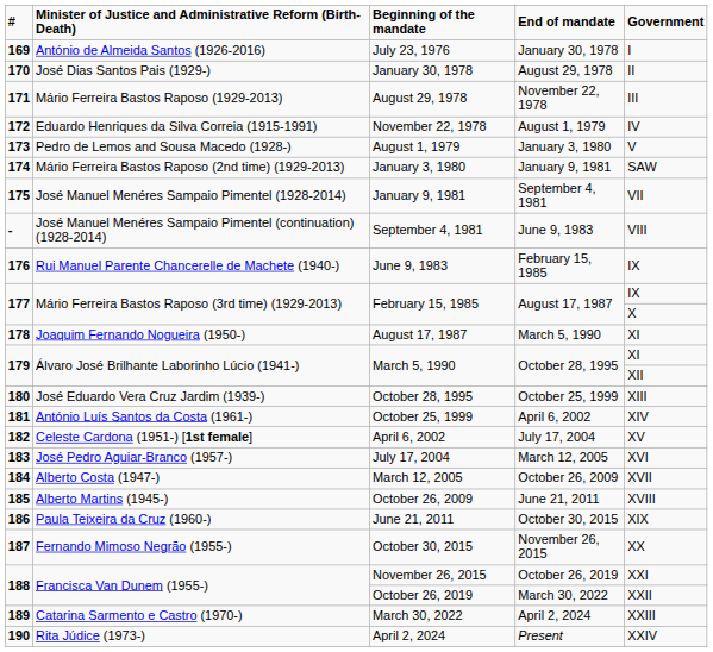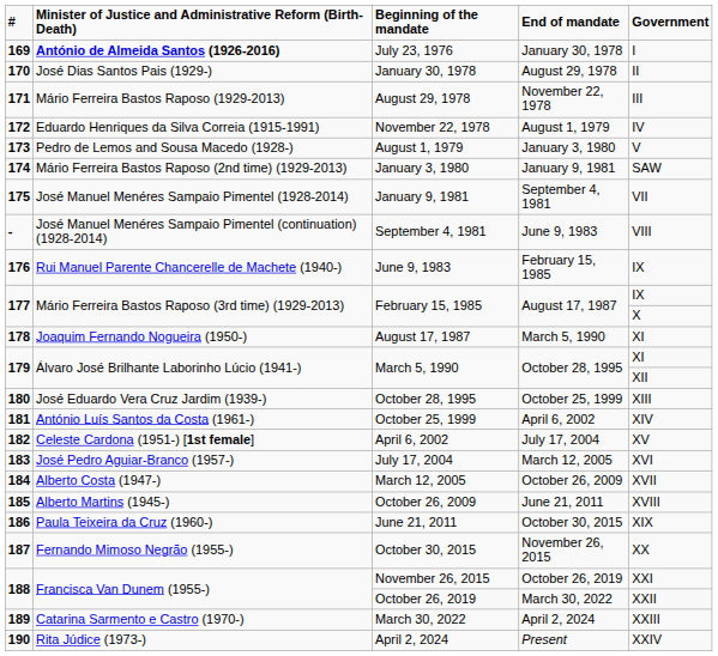 <table class="wikitable">
 <tr>
 <td><strong>#</strong></td>
 <td><strong>Minister of Justice and Administrative Reform (Birth-Death)</strong></td>
 <td colspan="2"><strong>Beginning of the mandate</strong></td>
 <td><strong>End of mandate</strong></td>
 <td><strong>Government</strong></td>
 </tr>
 <tr>
 <td><strong>169</strong></td>
-<td><a href='#'>António de Almeida Santos</a> (1926-2016)</td>
+<td><strong><a href='#'>António de Almeida Santos</a> (1926-2016)</strong></td>
 <td colspan="2">July 23, 1976</td>
 <td>January 30, 1978</td>
 <td>I</td>
 </tr>
 <tr>
 <td><strong>170</strong></td>
 <td>José Dias Santos Pais (1929-)</td>
 <td colspan="2">January 30, 1978</td>
 <td>August 29, 1978</td>
 <td>II</td>
 </tr>
 <tr>
 <td><strong>171</strong></td>
 <td>Mário Ferreira Bastos Raposo (1929-2013)</td>
 <td colspan="2">August 29, 1978</td>
 <td>November 22, 1978</td>
 <td>III</td>
 </tr>
 <tr>
 <td><strong>172</strong></td>
 <td>Eduardo Henriques da Silva Correia (1915-1991)</td>
 <td colspan="2">November 22, 1978</td>
 <td>August 1, 1979</td>
 <td>IV</td>
 </tr>
 <tr>
 <td><strong>173</strong></td>
 <td>Pedro de Lemos and Sousa Macedo (1928-)</td>
 <td colspan="2">August 1, 1979</td>
 <td>January 3, 1980</td>
 <td>V</td>
 </tr>
 <tr>
 <td><strong>174</strong></td>
 <td>Mário Ferreira Bastos Raposo (2nd time) (1929-2013)</td>
 <td colspan="2">January 3, 1980</td>
 <td>January 9, 1981</td>
 <td>SAW</td>
 </tr>
 <tr>
 <td><strong>175</strong></td>
 <td>José Manuel Menéres Sampaio Pimentel (1928-2014)</td>
 <td colspan="2">January 9, 1981</td>
 <td>September 4, 1981</td>
 <td>VII</td>
 </tr>
 <tr>
 <td><strong>-</strong></td>
 <td>José Manuel Menéres Sampaio Pimentel (continuation) (1928-2014)</td>
 <td colspan="2">September 4, 1981</td>
 <td>June 9, 1983</td>
 <td>VIII</td>
 </tr>
 <tr>
 <td><strong>176</strong></td>
 <td><a href='#'>Rui Manuel Parente Chancerelle de Machete</a> (1940-)</td>
 <td>June 9, 1983</td>
 <td colspan="2">February 15, 1985</td>
 <td>IX</td>
 </tr>
 <tr>
 <td rowspan="2"><strong>177</strong></td>
 <td rowspan="2">Mário Ferreira Bastos Raposo (3rd time) (1929-2013)</td>
 <td rowspan="2">February 15, 1985</td>
 <td colspan="2" rowspan="2">August 17, 1987</td>
 <td>IX</td>
 </tr>
 <tr>
 <td>X</td>
 </tr>
 <tr>
 <td><strong>178</strong></td>
 <td><a href='#'>Joaquim Fernando Nogueira</a> (1950-)</td>
 <td>August 17, 1987</td>
 <td colspan="2">March 5, 1990</td>
 <td>XI</td>
 </tr>
 <tr>
 <td rowspan="2"><strong>179</strong></td>
 <td rowspan="2">Álvaro José Brilhante Laborinho Lúcio (1941-)</td>
 <td rowspan="2">March 5, 1990</td>
 <td colspan="2" rowspan="2">October 28, 1995</td>
 <td>XI</td>
 </tr>
 <tr>
 <td>XII</td>
 </tr>
 <tr>
 <td><strong>180</strong></td>
 <td>José Eduardo Vera Cruz Jardim (1939-)</td>
 <td>October 28, 1995</td>
 <td colspan="2">October 25, 1999</td>
 <td>XIII</td>
 </tr>
 <tr>
 <td><strong>181</strong></td>
 <td><a href='#'>António Luís Santos da Costa</a> (1961-)</td>
 <td>October 25, 1999</td>
 <td colspan="2">April 6, 2002</td>
 <td>XIV</td>
 </tr>
 <tr>
 <td><strong>182</strong></td>
 <td><a href='#'>Celeste Cardona</a> (1951-) [<strong>1st female</strong>]</td>
 <td>April 6, 2002</td>
 <td colspan="2">July 17, 2004</td>
 <td>XV</td>
 </tr>
 <tr>
 <td><strong>183</strong></td>
 <td><a href='#'>José Pedro Aguiar-Branco</a> (1957-)</td>
 <td>July 17, 2004</td>
 <td colspan="2">March 12, 2005</td>
 <td>XVI</td>
 </tr>
 <tr>
 <td><strong>184</strong></td>
 <td><a href='#'>Alberto Costa</a> (1947-)</td>
 <td>March 12, 2005</td>
 <td colspan="2">October 26, 2009</td>
 <td>XVII</td>
 </tr>
 <tr>
 <td><strong>185</strong></td>
 <td><a href='#'>Alberto Martins</a> (1945-)</td>
 <td>October 26, 2009</td>
 <td colspan="2">June 21, 2011</td>
 <td>XVIII</td>
 </tr>
 <tr>
 <td><strong>186</strong></td>
 <td><a href='#'>Paula Teixeira da Cruz</a> (1960-)</td>
 <td>June 21, 2011</td>
 <td colspan="2">October 30, 2015</td>
 <td>XIX</td>
 </tr>
 <tr>
 <td><strong>187</strong></td>
 <td><a href='#'>Fernando Mimoso Negrão</a> (1955-)</td>
 <td>October 30, 2015</td>
 <td colspan="2">November 26, 2015</td>
 <td>XX</td>
 </tr>
 <tr>
 <td rowspan="2"><strong>188</strong></td>
 <td rowspan="2"><a href='#'>Francisca Van Dunem</a> (1955-)</td>
 <td>November 26, 2015</td>
 <td colspan="2">October 26, 2019</td>
 <td>XXI</td>
 </tr>
 <tr>
 <td>October 26, 2019</td>
 <td colspan="2">March 30, 2022</td>
 <td>XXII</td>
 </tr>
 <tr>
 <td><strong>189</strong></td>
 <td><a href='#'>Catarina Sarmento e Castro</a> (1970-)</td>
 <td>March 30, 2022</td>
 <td colspan="2">April 2, 2024</td>
 <td>XXIII</td>
 </tr>
 <tr>
 <td><strong>190</strong></td>
 <td><a href='#'>Rita Júdice</a> (1973-)</td>
 <td>April 2, 2024</td>
 <td colspan="2"><em>Present</em></td>
 <td>XXIV</td>
 </tr>
 </table>
